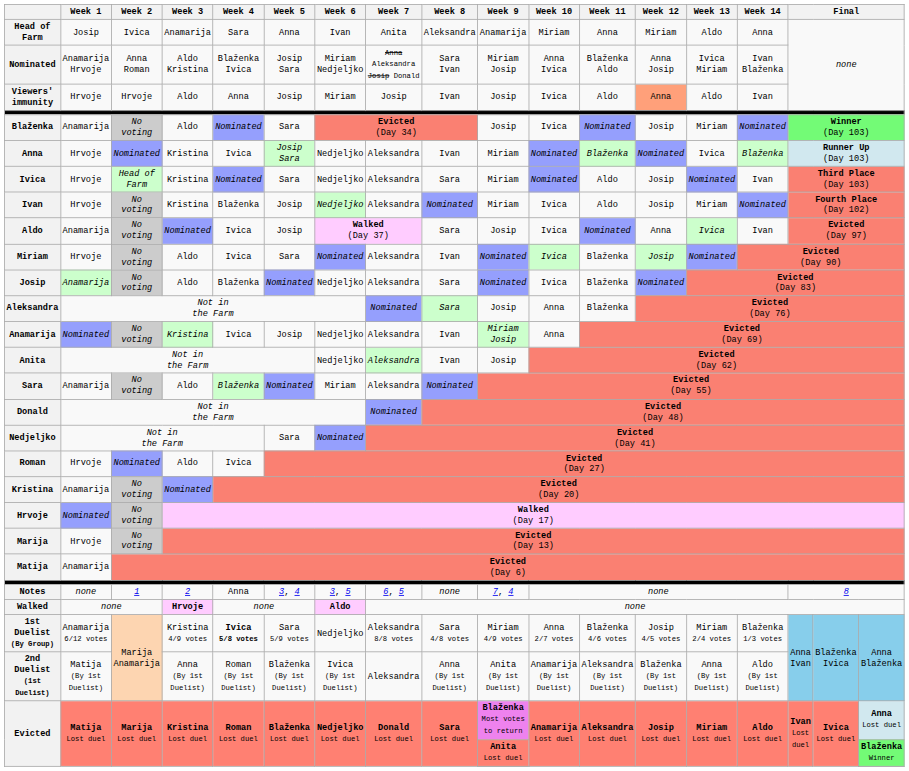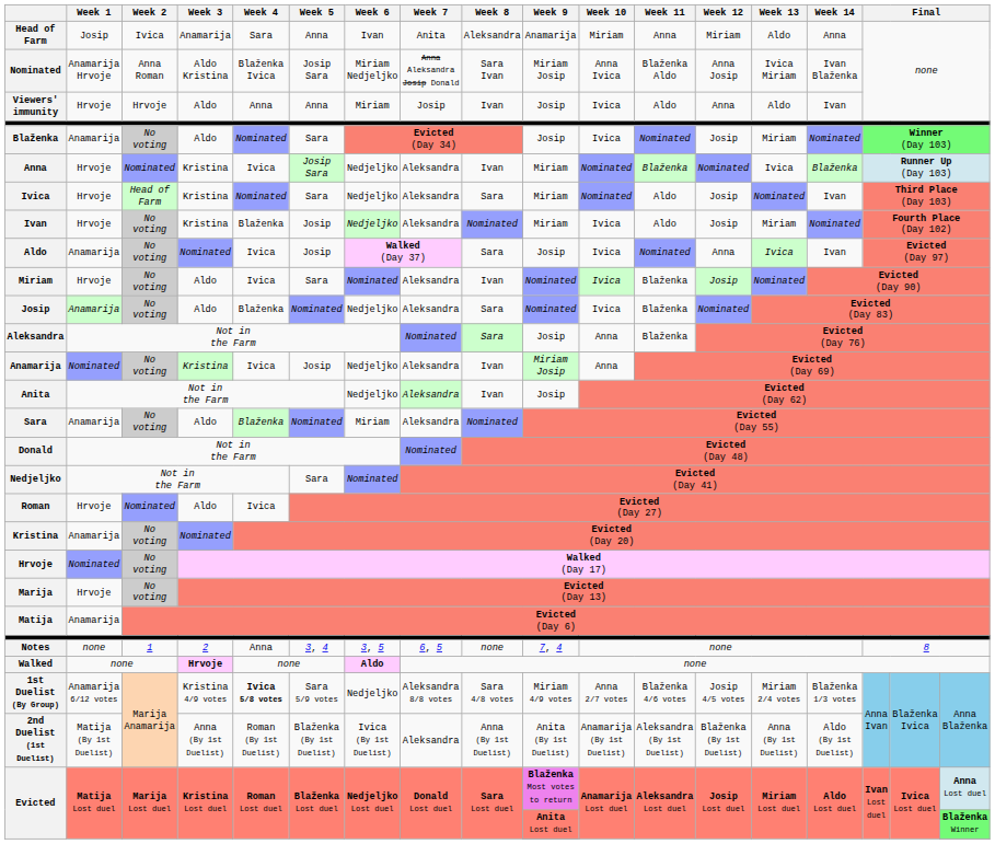 <table class="wikitable" style="text-align:center; width:100%; font-size:80%; line-height:13px">
 <tr>
 <th style="width:5%"></th>
 <th style="width:5%">Week 1</th>
 <th style="width:5%">Week 2</th>
 <th style="width:5%">Week 3</th>
 <th style="width:5%">Week 4</th>
 <th style="width:5%">Week 5</th>
 <th style="width:5%">Week 6</th>
 <th style="width:5%">Week 7</th>
 <th style="width:5%">Week 8</th>
 <th style="width:5%">Week 9</th>
 <th style="width:5%">Week 10</th>
 <th style="width:5%">Week 11</th>
 <th style="width:5%">Week 12</th>
 <th style="width:5%">Week 13</th>
 <th style="width:5%">Week 14</th>
 <th style="width:5%" colspan=3>Final</th>
 </tr>
 <tr>
 <th>Head of Farm</th>
 <td>Josip</td>
 <td>Ivica</td>
 <td>Anamarija</td>
 <td>Sara</td>
 <td>Anna</td>
 <td>Ivan</td>
 <td>Anita</td>
 <td>Aleksandra</td>
 <td>Anamarija</td>
 <td>Miriam</td>
 <td>Anna</td>
 <td>Miriam</td>
 <td>Aldo</td>
 <td>Anna</td>
 <td rowspan=3 colspan=3><em>none</em></td>
 </tr>
 <tr>
 <th>Nominated</th>
 <td>Anamarija<br>Hrvoje</td>
 <td>Anna<br>Roman</td>
 <td>Aldo<br>Kristina</td>
 <td>Blaženka<br>Ivica</td>
 <td>Josip<br>Sara</td>
 <td>Miriam<br>Nedjeljko</td>
 <td><small><s>Anna</s> Aleksandra<br><s>Josip</s> Donald </small></td>
 <td>Sara<br>Ivan</td>
 <td>Miriam<br>Josip</td>
 <td>Anna<br>Ivica</td>
 <td>Blaženka<br>Aldo</td>
 <td>Anna<br>Josip</td>
 <td>Ivica<br>Miriam</td>
 <td>Ivan<br>Blaženka</td>
 </tr>
 <tr>
 <th>Viewers' immunity</th>
 <td>Hrvoje</td>
 <td>Hrvoje</td>
 <td>Aldo</td>
 <td>Anna</td>
-<td>Josip</td>
+<td>Anna</td>
 <td>Miriam</td>
 <td>Josip</td>
 <td>Ivan</td>
 <td>Josip</td>
 <td>Ivica</td>
 <td>Aldo</td>
-<td style="background: lightsalmon;">Anna</td>
+<td>Anna</td>
 <td>Aldo</td>
 <td>Ivan</td>
 </tr>
 <tr>
 <th style="background:#000000;" colspan="19"></th>
 </tr>
 <tr>
 <th>Blaženka</th>
 <td>Anamarija</td>
 <td style="background:#ccc"><em>No<br>voting</em></td>
 <td>Aldo</td>
 <td style="background:#959ffd"><em>Nominated</em></td>
 <td>Sara</td>
 <td style="background:salmon; text- align:center;" colspan=3><strong>Evicted</strong><br>(Day 34)</td>
 <td>Josip</td>
 <td>Ivica</td>
 <td style="background:#959ffd"><em>Nominated</em></td>
 <td>Josip</td>
 <td>Miriam</td>
 <td style="background:#959ffd"><em>Nominated</em></td>
 <td style="background:#73FB76" colspan="3"><strong>Winner</strong><br>(Day 103)</td>
 </tr>
 <tr>
 <th>Anna</th>
 <td>Hrvoje</td>
 <td style="background:#959ffd"><em>Nominated</em></td>
 <td>Kristina</td>
 <td>Ivica</td>
 <td style="background:#cfc"><em>Josip<br>Sara</em></td>
 <td>Nedjeljko</td>
 <td>Aleksandra</td>
 <td>Ivan</td>
 <td>Miriam</td>
 <td style="background:#959ffd"><em>Nominated</em></td>
 <td style="background:#cfc"><em>Blaženka</em></td>
 <td style="background:#959ffd"><em>Nominated</em></td>
 <td>Ivica</td>
 <td style="background:#cfc"><em>Blaženka</em></td>
 <td style="background:#D1E8EF" colspan="3"><strong>Runner Up</strong><br>(Day 103)</td>
 </tr>
 <tr>
 <th>Ivica</th>
 <td>Hrvoje</td>
 <td style="background:#cfc"><em>Head of<br>Farm</em></td>
 <td>Kristina</td>
 <td style="background:#959ffd"><em>Nominated</em></td>
 <td>Sara</td>
 <td>Nedjeljko</td>
 <td>Aleksandra</td>
 <td>Sara</td>
 <td>Miriam</td>
 <td style="background:#959ffd"><em>Nominated</em></td>
 <td>Aldo</td>
 <td>Josip</td>
 <td style="background:#959ffd"><em>Nominated</em></td>
 <td>Ivan</td>
 <td style="background:salmon" colspan="3"><strong>Third Place</strong><br>(Day 103)</td>
 </tr>
 <tr>
 <th>Ivan</th>
 <td>Hrvoje</td>
 <td style="background:#ccc"><em>No<br>voting</em></td>
 <td>Kristina</td>
 <td>Blaženka</td>
 <td>Josip</td>
 <td style="background:#cfc"><em>Nedjeljko</em></td>
 <td>Aleksandra</td>
 <td style="background:#959ffd"><em>Nominated</em></td>
 <td>Miriam</td>
 <td>Ivica</td>
 <td>Aldo</td>
 <td>Josip</td>
 <td>Miriam</td>
 <td style="background:#959ffd"><em>Nominated</em></td>
 <td style="background:salmon" colspan=3><strong>Fourth Place</strong><br>(Day 102)</td>
 </tr>
 <tr>
 <th>Aldo</th>
 <td>Anamarija</td>
 <td style="background:#ccc"><em>No<br>voting</em></td>
 <td style="background:#959ffd"><em>Nominated</em></td>
 <td>Ivica</td>
 <td>Josip</td>
 <td style="background:#fcf; text-align:center;" colspan=2><strong>Walked</strong><br>(Day 37)</td>
 <td>Sara</td>
 <td>Josip</td>
 <td>Ivica</td>
 <td style="background:#959ffd"><em>Nominated</em></td>
 <td>Anna</td>
 <td style="background:#cfc"><em>Ivica</em></td>
 <td>Ivan</td>
 <td style="background:salmon; text- align:center;" colspan=3><strong>Evicted</strong><br>(Day 97)</td>
 </tr>
 <tr>
 <th>Miriam</th>
 <td>Hrvoje</td>
 <td style="background:#ccc"><em>No<br>voting</em></td>
 <td>Aldo</td>
 <td>Ivica</td>
 <td>Sara</td>
 <td style="background:#959ffd"><em>Nominated</em></td>
 <td>Aleksandra</td>
 <td>Ivan</td>
 <td style="background:#959ffd"><em>Nominated</em></td>
 <td style="background:#cfc"><em>Ivica</em></td>
 <td>Blaženka</td>
 <td style="background:#cfc"><em>Josip</em></td>
 <td style="background:#959ffd"><em>Nominated</em></td>
 <td style="background:salmon; text- align:center;" colspan=4><strong>Evicted</strong><br>(Day 90)</td>
 </tr>
 <tr>
 <th>Josip</th>
 <td style="background:#cfc"><em>Anamarija</em></td>
 <td style="background:#ccc"><em>No<br>voting</em></td>
 <td>Aldo</td>
 <td>Blaženka</td>
 <td style="background:#959ffd"><em>Nominated</em></td>
 <td>Nedjeljko</td>
 <td>Aleksandra</td>
 <td>Sara</td>
 <td style="background:#959ffd"><em>Nominated</em></td>
 <td>Ivica</td>
 <td>Blaženka</td>
 <td style="background:#959ffd"><em>Nominated</em></td>
 <td style="background:salmon; text- align:center;" colspan=5><strong>Evicted</strong><br>(Day 83)</td>
 </tr>
 <tr>
 <th>Aleksandra</th>
 <td colspan="6"><em> Not in<br>the Farm</em></td>
 <td style="background:#959ffd"><em>Nominated</em></td>
 <td style="background:#cfc"><em>Sara</em></td>
 <td>Josip</td>
 <td>Anna</td>
 <td>Blaženka</td>
 <td style="background:salmon; text- align:center;" colspan=6><strong>Evicted</strong><br>(Day 76)</td>
 </tr>
 <tr>
 <th>Anamarija</th>
 <td style="background:#959ffd"><em>Nominated</em></td>
 <td style="background:#ccc"><em>No<br>voting</em></td>
 <td style="background:#cfc"><em>Kristina</em></td>
 <td>Ivica</td>
 <td>Josip</td>
 <td>Nedjeljko</td>
 <td>Aleksandra</td>
 <td>Ivan</td>
 <td style="background:#cfc"><em>Miriam<br>Josip</em></td>
 <td>Anna</td>
 <td style="background:salmon; text- align:center;" colspan=7><strong>Evicted</strong><br>(Day 69)</td>
 </tr>
 <tr>
 <th>Anita</th>
 <td colspan="5"><em> Not in<br>the Farm</em></td>
 <td>Nedjeljko</td>
 <td style="background:#cfc"><em>Aleksandra</em></td>
 <td>Ivan</td>
 <td>Josip</td>
 <td style="background:salmon; text- align:center;" colspan=8><strong>Evicted</strong><br>(Day 62)</td>
 </tr>
 <tr>
 <th>Sara</th>
 <td>Anamarija</td>
 <td style="background:#ccc"><em>No<br>voting</em></td>
 <td>Aldo</td>
 <td style="background:#cfc"><em>Blaženka</em></td>
 <td style="background:#959ffd"><em>Nominated</em></td>
 <td>Miriam</td>
 <td>Aleksandra</td>
 <td style="background:#959ffd"><em>Nominated</em></td>
 <td style="background:salmon; text- align:center;" colspan=9><strong>Evicted</strong><br>(Day 55)</td>
 </tr>
 <tr>
 <th>Donald</th>
 <td colspan="6"><em> Not in<br>the Farm</em></td>
 <td style="background:#959ffd"><em>Nominated</em></td>
 <td style="background:salmon; text- align:center;" colspan=10><strong>Evicted</strong><br>(Day 48)</td>
 </tr>
 <tr>
 <th>Nedjeljko</th>
 <td colspan="4"><em> Not in<br>the Farm</em></td>
 <td>Sara</td>
 <td style="background:#959ffd"><em>Nominated</em></td>
 <td style="background:salmon; text- align:center;" colspan=11><strong>Evicted</strong><br>(Day 41)</td>
 </tr>
 <tr>
 <th>Roman</th>
 <td>Hrvoje</td>
 <td style="background:#959ffd"><em>Nominated</em></td>
 <td>Aldo</td>
 <td>Ivica</td>
 <td style="background:salmon; text- align:center;" colspan=13><strong>Evicted</strong><br>(Day 27)</td>
 </tr>
 <tr>
 <th>Kristina</th>
 <td>Anamarija</td>
 <td style="background:#ccc"><em>No<br>voting</em></td>
 <td style="background:#959ffd"><em>Nominated</em></td>
 <td style="background:salmon; text-align:center;" colspan=14><strong>Evicted</strong><br>(Day 20)</td>
 </tr>
 <tr>
 <th>Hrvoje</th>
 <td style="background:#959ffd"><em>Nominated</em></td>
 <td style="background:#ccc"><em>No<br>voting</em></td>
 <td style="background:#fcf; text-align:center;" colspan=15><strong>Walked</strong><br>(Day 17)</td>
 </tr>
 <tr>
 <th>Marija</th>
 <td>Hrvoje</td>
 <td style="background:#ccc"><em>No<br>voting</em></td>
 <td style="background:salmon; text-align:center;" colspan=15><strong>Evicted</strong><br>(Day 13)</td>
 </tr>
 <tr>
 <th>Matija</th>
 <td>Anamarija</td>
 <td style="background:salmon; text-align:center;" colspan=16><strong>Evicted</strong><br>(Day 6)</td>
 </tr>
 <tr>
 <th style="background:#000000;" colspan="18"></th>
 </tr>
 <tr>
 <th>Notes</th>
 <td><em>none</em></td>
 <td><em><a href='#'>1</a></em></td>
 <td><em><a href='#'>2</a></em></td>
 <td>Anna</td>
 <td><em><a href='#'>3</a></em>, <em><a href='#'>4</a></em></td>
 <td><em><a href='#'>3</a></em>, <em><a href='#'>5</a></em></td>
 <td><em><a href='#'>6</a></em>, <em><a href='#'>5</a></em></td>
 <td><em>none</em></td>
 <td><em><a href='#'>7</a></em>, <em><a href='#'>4</a></em></td>
 <td colspan=5><em>none</em></td>
 <td colspan=3><em><a href='#'>8</a></em></td>
 </tr>
 <tr>
 <th>Walked</th>
 <td colspan=2><em>none</em></td>
 <td style="background:#fcf;"><strong>Hrvoje</strong></td>
 <td colspan=2><em>none</em></td>
 <td style="background:#fcf;"><strong>Aldo</strong></td>
 <td colspan=11><em>none</em></td>
 </tr>
 <tr>
 <th>1st Duelist<br><small>(By Group)</small></th>
 <td>Anamarija<br><small>6/12 votes</small></td>
 <td rowspan="2" style="background:#FDD5B1">Marija<br>Anamarija</td>
 <td>Kristina<br><small>4/9 votes</small></td>
 <td><strong>Ivica<br><small> 5/8 votes </small></strong></td>
 <td>Sara<br><small> 5/9 votes</small></td>
 <td>Nedjeljko</td>
 <td>Aleksandra<br><small> 8/8 votes</small></td>
 <td>Sara<br><small> 4/8 votes</small></td>
 <td>Miriam<br><small> 4/9 votes</small></td>
 <td>Anna<br><small> 2/7 votes</small></td>
 <td>Blaženka<br><small> 4/6 votes</small></td>
 <td>Josip<br><small> 4/5 votes</small></td>
 <td>Miriam<br><small> 2/4 votes</small></td>
 <td>Blaženka<br><small> 1/3 votes</small></td>
 <td rowspan="2" style="background:skyblue">Anna<br>Ivan</td>
 <td rowspan="2" style="background:skyblue">Blaženka<br>Ivica</td>
 <td rowspan="2" style="background:skyblue">Anna<br>Blaženka</td>
 </tr>
 <tr>
 <th>2nd Duelist<br><small>(1st Duelist)</small></th>
 <td>Matija<br><small>(By 1st Duelist)</small></td>
 <td>Anna<br><small>(By 1st Duelist)</small></td>
 <td>Roman<br><small>(By 1st Duelist) </small></td>
 <td>Blaženka<br><small>(By 1st Duelist) </small></td>
 <td>Ivica<br><small>(By 1st Duelist)</small></td>
 <td>Aleksandra</td>
 <td>Anna<br><small>(By 1st Duelist)</small></td>
 <td>Anita<br><small>(By 1st Duelist)</small></td>
 <td>Anamarija<br><small>(By 1st Duelist)</small></td>
 <td>Aleksandra<br><small>(By 1st Duelist)</small></td>
 <td>Blaženka<br><small>(By 1st Duelist)</small></td>
 <td>Anna<br><small>(By 1st Duelist)</small></td>
 <td>Aldo<br><small>(By 1st Duelist)</small></td>
 </tr>
 <tr>
 <th rowspan="4">Evicted</th>
 <td rowspan="4" style="background:#FF8072"><strong>Matija</strong><br><small>Lost duel</small></td>
 <td rowspan="4" style="background:#FF8072"><strong>Marija</strong><br><small>Lost duel</small></td>
 <td rowspan="4" style="background:#FF8072"><strong>Kristina</strong><br><small>Lost duel</small></td>
 <td rowspan="4" style="background:#FF8072"><strong>Roman</strong><br><small>Lost duel</small></td>
 <td rowspan="4" style="background:#FF8072"><strong>Blaženka</strong><br><small>Lost duel</small></td>
 <td rowspan="4" style="background:#FF8072"><strong>Nedjeljko</strong><br><small>Lost duel</small></td>
 <td rowspan="4" style="background:#FF8072"><strong>Donald</strong><br><small>Lost duel</small></td>
 <td rowspan="4" style="background:#FF8072"><strong>Sara</strong><br><small>Lost duel</small></td>
 <td rowspan="1" style="background:violet"><strong>Blaženka</strong><br><small>Most votes to return</small></td>
 <td rowspan="4" style="background:#FF8072"><strong>Anamarija</strong><br><small>Lost duel</small></td>
 <td rowspan="4" style="background:#FF8072"><strong>Aleksandra</strong><br><small>Lost duel</small></td>
 <td rowspan="4" style="background:#FF8072"><strong>Josip</strong><br><small>Lost duel</small></td>
 <td rowspan="4" style="background:#FF8072"><strong>Miriam</strong><br><small>Lost duel</small></td>
 <td rowspan="4" style="background:#FF8072"><strong>Aldo</strong><br><small>Lost duel</small></td>
 <td rowspan="4" style="background:#FF8072"><strong>Ivan</strong><br><small>Lost duel</small></td>
 <td rowspan="4" style="background:#FF8072"><strong>Ivica</strong><br><small>Lost duel</small></td>
 <td rowspan="1" style="background:#D1E8EF"><strong>Anna</strong><br><small>Lost duel</small></td>
 </tr>
 <tr>
 <td rowspan="1" style="background:#FF8072"><strong>Anita</strong><br><small>Lost duel</small></td>
 <td rowspan="1" style="background:#73FB76"><strong>Blaženka</strong><br><small>Winner</small></td>
 </tr>
 <tr>
 </tr>
 </table>
